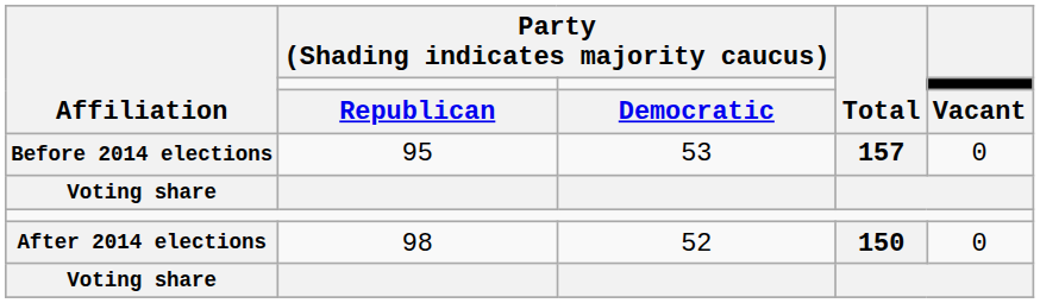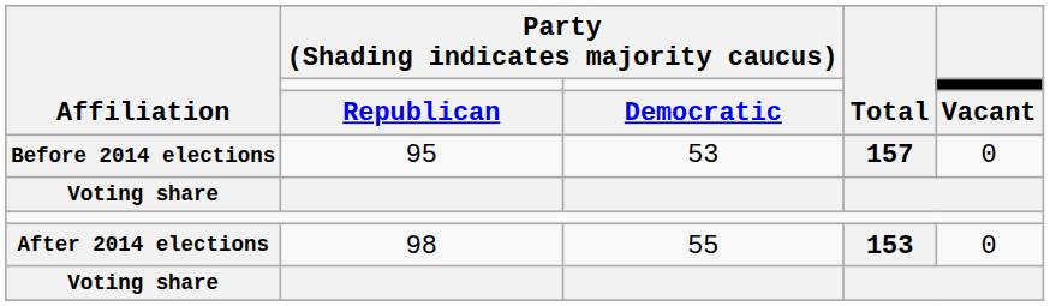 <table class=wikitable style="text-align:center">
 <tr style="vertical-align:bottom;">
 <th rowspan=3>Affiliation</th>
 <th colspan=2>Party <div>(Shading indicates majority caucus)</div></th>
 <th rowspan=3>Total</th>
 <th></th>
 </tr>
 <tr style="height:5px">
 <td style="background-color:"></td>
 <td style="background-color:"></td>
 <td style="background-color:black"></td>
 </tr>
 <tr>
 <th><a href='#'>Republican</a></th>
 <th><a href='#'>Democratic</a></th>
 <th>Vacant</th>
 </tr>
 <tr>
 <th nowrap style="font-size:80%">Before 2014 elections</th>
 <td>95</td>
 <td>53</td>
 <th>157</th>
 <td>0</td>
 </tr>
 <tr>
 <th nowrap style="font-size:80%">Voting share</th>
 <th></th>
 <th></th>
 <th colspan=2></th>
 </tr>
 <tr>
 <td colspan=5></td>
 </tr>
 <tr>
 <th nowrap style="font-size:80%">After 2014 elections</th>
 <td>98</td>
-<td>52</td>
-<th>150</th>
+<td>55</td>
+<th>153</th>
 <td>0</td>
 </tr>
 <tr>
 <th nowrap style="font-size:80%">Voting share</th>
 <th></th>
 <th></th>
 <th colspan=2></th>
 </tr>
 </table>
